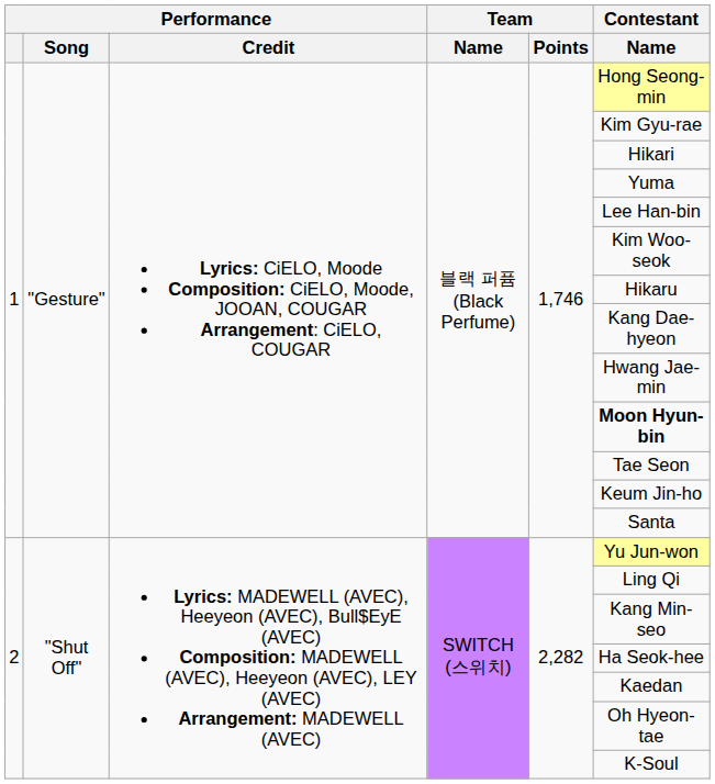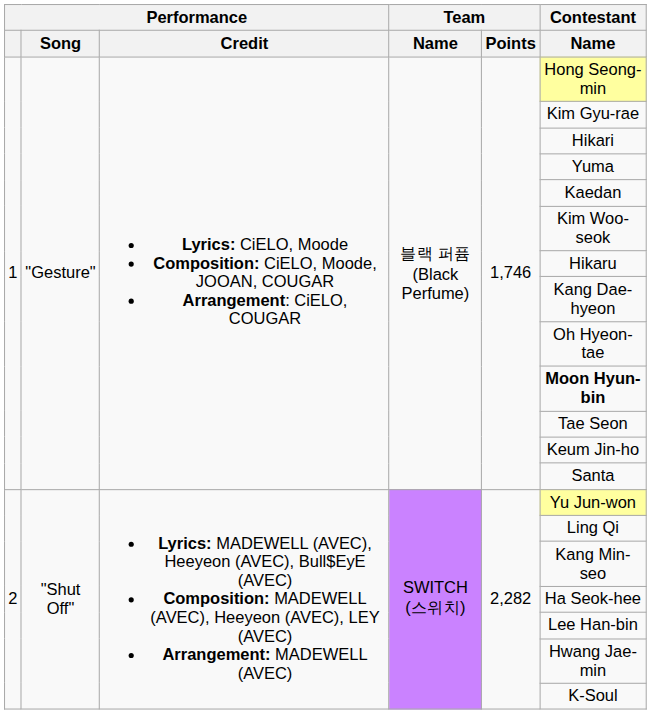 <table class="wikitable collapsible" style="width:100%; text-align:center">
 <tr>
 <th colspan="3">Performance</th>
 <th colspan="2">Team</th>
 <th>Contestant</th>
 </tr>
 <tr>
 <th></th>
 <th>Song</th>
 <th>Credit</th>
 <th>Name</th>
 <th>Points</th>
 <th>Name</th>
 </tr>
 <tr>
 <td rowspan="13">1</td>
 <td rowspan="13">"Gesture"</td>
 <td rowspan="13"><br><ul><li><strong>Lyrics:</strong> CiELO, Moode</li><li><strong>Composition:</strong> CiELO, Moode, JOOAN, COUGAR</li><li><strong>Arrangement</strong>: CiELO, COUGAR</li></ul></td>
 <td rowspan="13">블랙 퍼퓸<br>(Black Perfume)</td>
 <td rowspan="13">1,746</td>
 <td style="background: #FFFF9F">Hong Seong-min</td>
 </tr>
 <tr>
 <td>Kim Gyu-rae</td>
 </tr>
 <tr>
 <td>Hikari</td>
 </tr>
 <tr>
 <td>Yuma</td>
 </tr>
 <tr>
-<td>Lee Han-bin</td>
+<td>Kaedan</td>
 </tr>
 <tr>
 <td>Kim Woo-seok</td>
 </tr>
 <tr>
 <td>Hikaru</td>
 </tr>
 <tr>
 <td>Kang Dae-hyeon</td>
 </tr>
 <tr>
-<td>Hwang Jae-min</td>
+<td>Oh Hyeon-tae</td>
 </tr>
 <tr>
 <td><strong>Moon Hyun-bin</strong></td>
 </tr>
 <tr>
 <td>Tae Seon</td>
 </tr>
 <tr>
 <td>Keum Jin-ho</td>
 </tr>
 <tr>
 <td>Santa</td>
 </tr>
 <tr>
 <td rowspan="7">2</td>
 <td rowspan="7">"Shut Off"</td>
 <td rowspan="7"><br><ul><li><strong>Lyrics:</strong> MADEWELL (AVEC), Heeyeon (AVEC), Bull$EyE (AVEC)</li><li><strong>Composition:</strong> MADEWELL (AVEC), Heeyeon (AVEC), LEY (AVEC)</li><li><strong>Arrangement:</strong> MADEWELL (AVEC)</li></ul></td>
 <td rowspan="7" style="background: #CA82FF">SWITCH<br>(스위치)</td>
 <td rowspan="7">2,282</td>
 <td style="background: #FFFF9F">Yu Jun-won</td>
 </tr>
 <tr>
 <td>Ling Qi</td>
 </tr>
 <tr>
 <td>Kang Min-seo</td>
 </tr>
 <tr>
 <td>Ha Seok-hee</td>
 </tr>
 <tr>
-<td>Kaedan</td>
+<td>Lee Han-bin</td>
 </tr>
 <tr>
-<td>Oh Hyeon-tae</td>
+<td>Hwang Jae-min</td>
 </tr>
 <tr>
 <td>K-Soul</td>
 </tr>
 </table>
